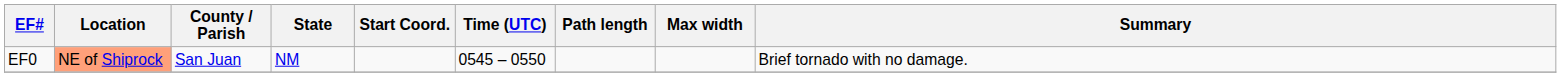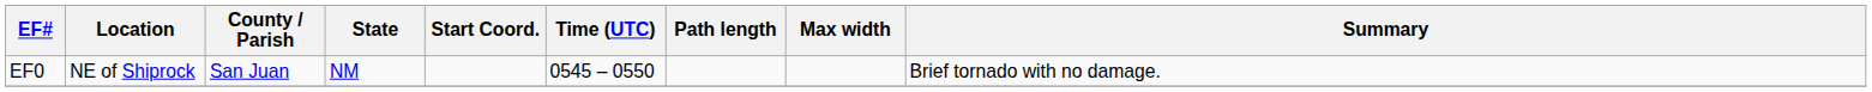 <table class="wikitable sortable" style="width:100%;">
 <tr>
 <th scope="col" width="3%" align="center"><a href='#'>EF#</a></th>
 <th scope="col" width="7%" align="center" class="unsortable">Location</th>
 <th scope="col" width="6%" align="center" class="unsortable">County / Parish</th>
 <th scope="col" width="5%" align="center">State</th>
 <th scope="col" width="6%" align="center">Start Coord.</th>
 <th scope="col" width="6%" align="center">Time (<a href='#'>UTC</a>)</th>
 <th scope="col" width="6%" align="center">Path length</th>
 <th scope="col" width="6%" align="center">Max width</th>
 <th scope="col" width="48%" class="unsortable" align="center">Summary</th>
 </tr>
 <tr>
 <td>EF0</td>
-<td style="background: lightsalmon;">NE of <a href='#'>Shiprock</a></td>
+<td>NE of <a href='#'>Shiprock</a></td>
 <td><a href='#'>San Juan</a></td>
 <td><a href='#'>NM</a></td>
 <td></td>
 <td>0545 – 0550</td>
 <td></td>
 <td></td>
 <td>Brief tornado with no damage.</td>
 </tr>
 <tr>
 </tr>
 </table>
